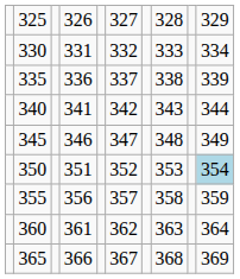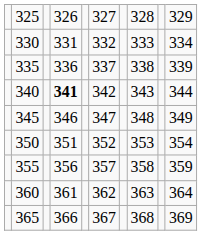 <table class="wikitable" style="text-align:center">
 <tr>
 <td></td>
 <td>325<br><big></big></td>
 <td></td>
 <td>326<br><big></big></td>
 <td></td>
 <td>327<br><big></big></td>
 <td></td>
 <td>328<br><big></big></td>
 <td></td>
 <td>329<br><big></big></td>
 </tr>
 <tr>
 <td></td>
 <td>330<br><big></big></td>
 <td></td>
 <td>331<br><big></big></td>
 <td></td>
 <td>332<br><big></big></td>
 <td></td>
 <td>333<br><big></big></td>
 <td></td>
 <td>334<br><big></big></td>
 </tr>
 <tr>
 <td></td>
 <td>335<br><big></big></td>
 <td></td>
 <td>336<br><big></big></td>
 <td></td>
 <td>337<br><big></big></td>
 <td></td>
 <td>338<br><big></big></td>
 <td></td>
 <td>339<br><big></big></td>
 </tr>
 <tr>
 <td></td>
 <td>340<br><big></big></td>
 <td></td>
-<td>341<br><big></big></td>
+<td><strong>341<br><big></big></strong></td>
 <td></td>
 <td>342<br><big></big></td>
 <td></td>
 <td>343<br><big></big></td>
 <td></td>
 <td>344<br><big></big></td>
 </tr>
 <tr>
 <td></td>
 <td>345<br><big></big></td>
 <td></td>
 <td>346<br><big></big></td>
 <td></td>
 <td>347<br><big></big></td>
 <td></td>
 <td>348<br><big></big></td>
 <td></td>
 <td>349<br><big></big></td>
 </tr>
 <tr>
 <td></td>
 <td>350<br><big></big></td>
 <td></td>
 <td>351<br><big></big></td>
 <td></td>
 <td>352<br><big></big></td>
 <td></td>
 <td>353<br><big></big></td>
 <td></td>
-<td style="background: lightblue;">354<br><big></big></td>
+<td>354<br><big></big></td>
 </tr>
 <tr>
 <td></td>
 <td>355<br><big></big></td>
 <td></td>
 <td>356<br><big></big></td>
 <td></td>
 <td>357<br><big></big></td>
 <td></td>
 <td>358<br><big></big></td>
 <td></td>
 <td>359<br><big></big></td>
 </tr>
 <tr>
 <td></td>
 <td>360<br><big></big></td>
 <td></td>
 <td>361<br><big></big></td>
 <td></td>
 <td>362<br><big></big></td>
 <td></td>
 <td>363<br><big></big></td>
 <td></td>
 <td>364<br><big></big></td>
 </tr>
 <tr>
 <td></td>
 <td>365<br><big></big></td>
 <td></td>
 <td>366<br><big></big></td>
 <td></td>
 <td>367<br><big></big></td>
 <td></td>
 <td>368<br><big></big></td>
 <td></td>
 <td>369<br><big></big></td>
 </tr>
 </table>
